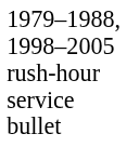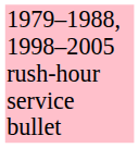 <table width="90">
 <tr>
 <td></td>
 </tr>
 <tr>
-<td><div>1979–1988, 1998–2005 rush-hour service bullet</div></td>
+<td style="background: pink;"><div>1979–1988, 1998–2005 rush-hour service bullet</div></td>
 </tr>
 </table>
